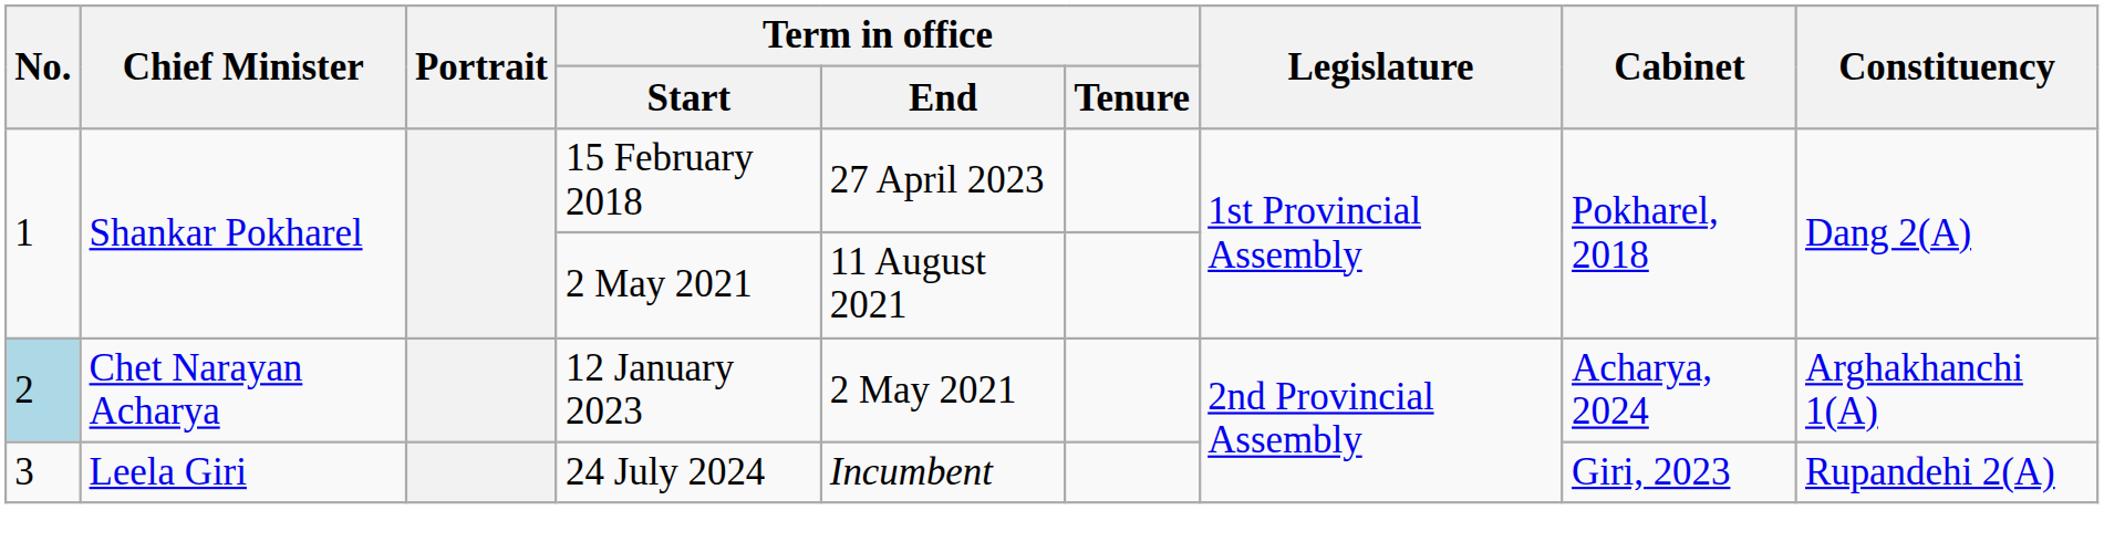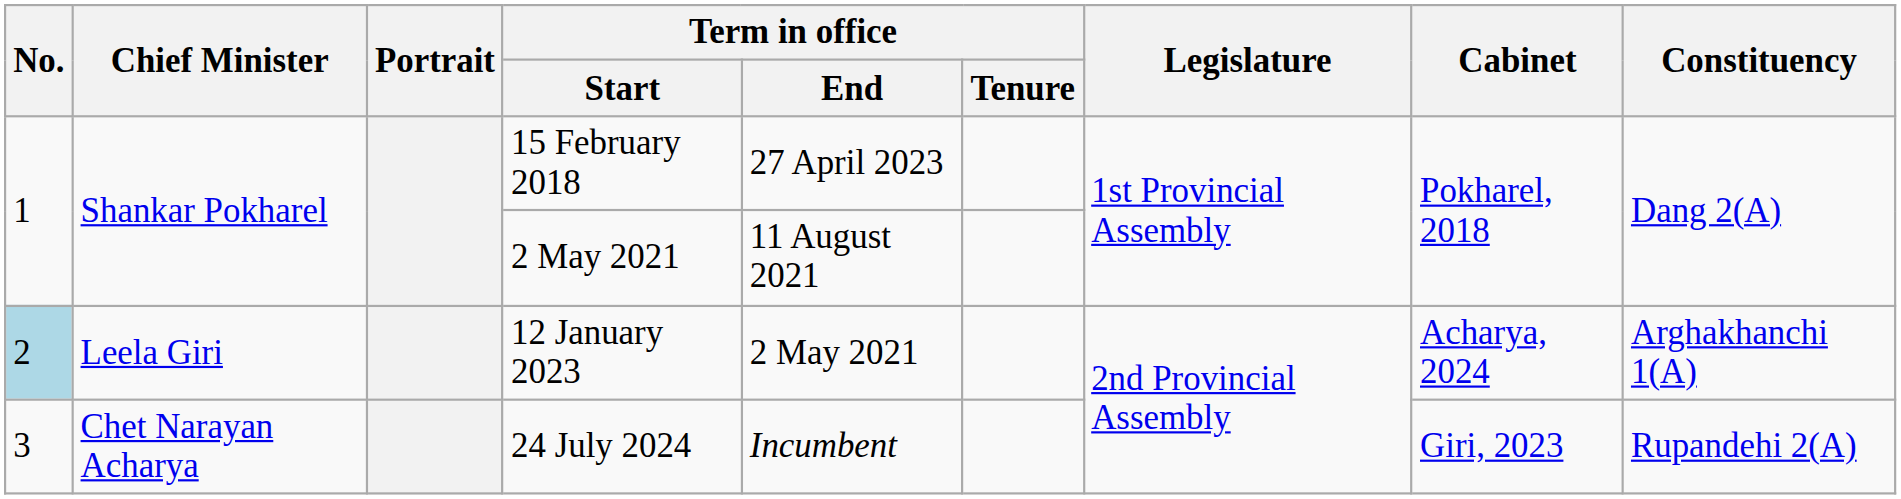 <table class="wikitable">
 <tr>
 <th rowspan="2" style="background-color:">No.</th>
 <th rowspan="2" style="background-color:">Chief Minister</th>
 <th rowspan="2" style="background-color:">Portrait</th>
 <th colspan="3" style="background-color:">Term in office</th>
 <th rowspan="2" style="background-color:">Legislature</th>
 <th rowspan="2" style="background-color:">Cabinet</th>
 <th rowspan="2" style="background-color:">Constituency</th>
 </tr>
 <tr>
 <th style="background-color:">Start</th>
 <th style="background-color:">End</th>
 <th style="background-color:">Tenure</th>
 </tr>
 <tr>
 <td rowspan="2">1</td>
 <td rowspan="2"><a href='#'>Shankar Pokharel</a></td>
 <th rowspan="2"></th>
 <td>15 February 2018</td>
 <td>27 April 2023</td>
 <td></td>
 <td rowspan="2"><a href='#'>1st Provincial Assembly</a></td>
 <td rowspan="2"><a href='#'>Pokharel, 2018</a></td>
 <td rowspan="2"><a href='#'>Dang 2(A)</a></td>
 </tr>
 <tr>
 <td>2 May 2021</td>
 <td>11 August 2021</td>
 <td></td>
 </tr>
 <tr>
 <td style="background: lightblue;">2</td>
-<td><a href='#'>Chet Narayan Acharya</a></td>
+<td><a href='#'>Leela Giri</a></td>
 <th></th>
 <td>12 January 2023</td>
 <td>2 May 2021</td>
 <td></td>
 <td rowspan="2"><a href='#'>2nd Provincial Assembly</a></td>
 <td><a href='#'>Acharya, 2024</a></td>
 <td><a href='#'>Arghakhanchi 1(A)</a></td>
 </tr>
 <tr>
 <td>3</td>
-<td><a href='#'>Leela Giri</a></td>
+<td><a href='#'>Chet Narayan Acharya</a></td>
 <th></th>
 <td>24 July 2024</td>
 <td><em>Incumbent</em></td>
 <td></td>
 <td><a href='#'>Giri, 2023</a></td>
 <td><a href='#'>Rupandehi 2(A)</a></td>
 </tr>
 </table>
